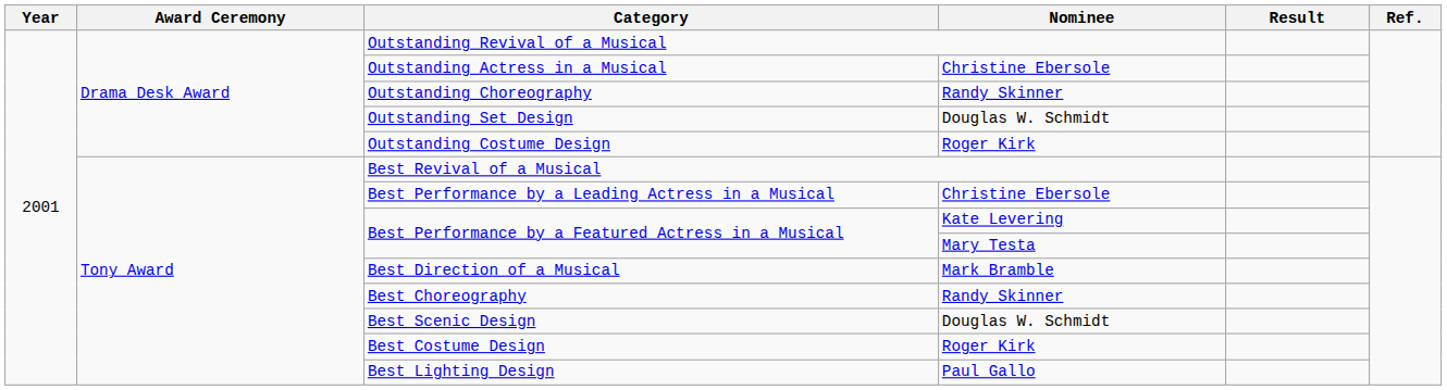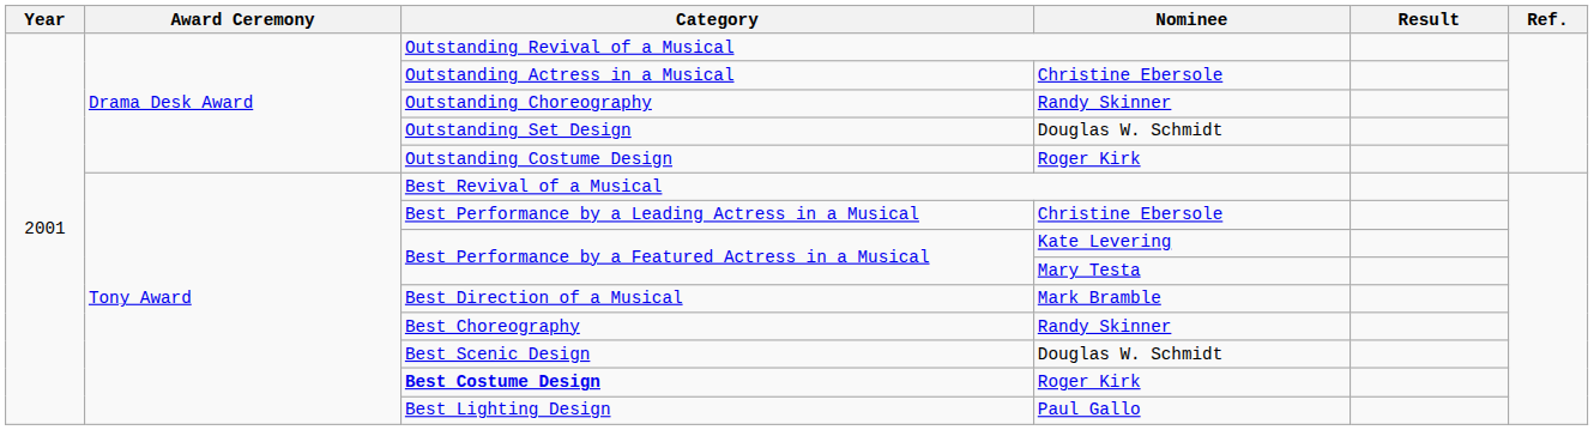 <table class="wikitable" width="95%">
 <tr>
 <th width="5%">Year</th>
 <th width="20%">Award Ceremony</th>
 <th width="40%">Category</th>
 <th width="20%">Nominee</th>
 <th width="10%">Result</th>
 <th width="5%">Ref.</th>
 </tr>
 <tr>
 <td rowspan="14" align="center">2001</td>
 <td rowspan="5"><a href='#'>Drama Desk Award</a></td>
 <td colspan="2"><a href='#'>Outstanding Revival of a Musical</a></td>
 <td></td>
 <td rowspan="5" align="center"></td>
 </tr>
 <tr>
 <td><a href='#'>Outstanding Actress in a Musical</a></td>
 <td><a href='#'>Christine Ebersole</a></td>
 <td></td>
 </tr>
 <tr>
 <td><a href='#'>Outstanding Choreography</a></td>
 <td><a href='#'>Randy Skinner</a></td>
 <td></td>
 </tr>
 <tr>
 <td><a href='#'>Outstanding Set Design</a></td>
 <td>Douglas W. Schmidt</td>
 <td></td>
 </tr>
 <tr>
 <td><a href='#'>Outstanding Costume Design</a></td>
 <td><a href='#'>Roger Kirk</a></td>
 <td></td>
 </tr>
 <tr>
 <td rowspan="9"><a href='#'>Tony Award</a></td>
 <td colspan="2"><a href='#'>Best Revival of a Musical</a></td>
 <td></td>
 <td rowspan="9" align="center"></td>
 </tr>
 <tr>
 <td><a href='#'>Best Performance by a Leading Actress in a Musical</a></td>
 <td><a href='#'>Christine Ebersole</a></td>
 <td></td>
 </tr>
 <tr>
 <td rowspan="2"><a href='#'>Best Performance by a Featured Actress in a Musical</a></td>
 <td><a href='#'>Kate Levering</a></td>
 <td></td>
 </tr>
 <tr>
 <td><a href='#'>Mary Testa</a></td>
 <td></td>
 </tr>
 <tr>
 <td><a href='#'>Best Direction of a Musical</a></td>
 <td><a href='#'>Mark Bramble</a></td>
 <td></td>
 </tr>
 <tr>
 <td><a href='#'>Best Choreography</a></td>
 <td><a href='#'>Randy Skinner</a></td>
 <td></td>
 </tr>
 <tr>
 <td><a href='#'>Best Scenic Design</a></td>
 <td>Douglas W. Schmidt</td>
 <td></td>
 </tr>
 <tr>
-<td><a href='#'>Best Costume Design</a></td>
+<td><strong><a href='#'>Best Costume Design</a></strong></td>
 <td><a href='#'>Roger Kirk</a></td>
 <td></td>
 </tr>
 <tr>
 <td><a href='#'>Best Lighting Design</a></td>
 <td><a href='#'>Paul Gallo</a></td>
 <td></td>
 </tr>
 </table>
